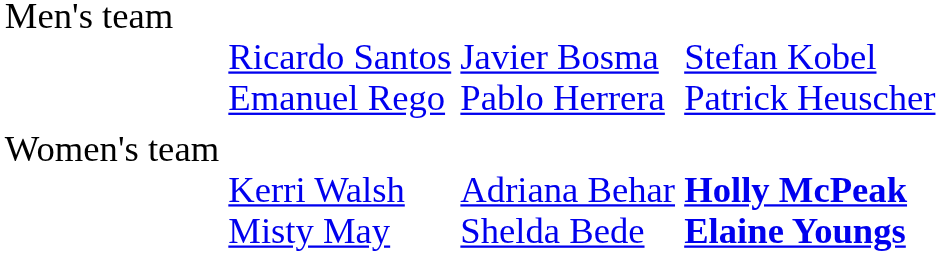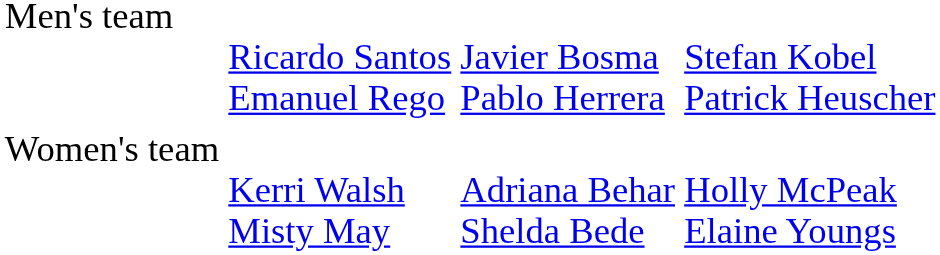 <table>
 <tr valign="top">
 <td>Men's team<br></td>
 <td><br><a href='#'>Ricardo Santos</a><br><a href='#'>Emanuel Rego</a></td>
 <td><br><a href='#'>Javier Bosma</a><br><a href='#'>Pablo Herrera</a></td>
 <td><br><a href='#'>Stefan Kobel</a><br><a href='#'>Patrick Heuscher</a></td>
 </tr>
 <tr valign="top">
 <td>Women's team<br></td>
 <td><br><a href='#'>Kerri Walsh</a><br><a href='#'>Misty May</a></td>
 <td><br><a href='#'>Adriana Behar</a><br><a href='#'>Shelda Bede</a></td>
-<td><strong><br><a href='#'>Holly McPeak</a><br><a href='#'>Elaine Youngs</a></strong></td>
+<td><br><a href='#'>Holly McPeak</a><br><a href='#'>Elaine Youngs</a></td>
 </tr>
 </table>
